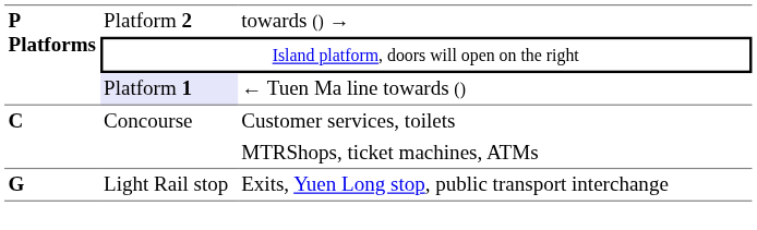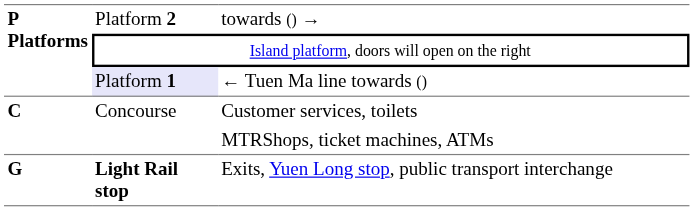 <table border=0 cellspacing=0 cellpadding=3>
 <tr>
 <td style="border-top:solid 1px gray; border-bottom:solid 1px gray;" rowspan=3 width=50 valign=top><strong>P<br>Platforms</strong></td>
 <td style="border-top:solid 1px gray;width:100px;">Platform <span><strong>2</strong></span></td>
 <td style="border-top:solid 1px gray;width:390px;">  towards  <small>()</small> →</td>
 </tr>
 <tr>
 <td style="border-top:solid 2px black;border-right:solid 2px black;border-left:solid 2px black;border-bottom:solid 2px black;text-align:center;" colspan=2><small><a href='#'>Island platform</a>, doors will open on the right</small></td>
 </tr>
 <tr>
 <td style="background: lavender; border-bottom:solid 1px gray;">Platform <span><strong>1</strong></span></td>
 <td style="border-bottom:solid 1px gray;">←  Tuen Ma line towards  <small>()</small></td>
 </tr>
 <tr>
 <td style="border-bottom:solid 1px gray;vertical-align:top;" rowspan=2><strong>C</strong></td>
 <td style="border-bottom:solid 1px gray;vertical-align:top;" rowspan=2>Concourse</td>
 <td>Customer services, toilets</td>
 </tr>
 <tr>
 <td style="border-bottom:solid 1px gray;">MTRShops, ticket machines, ATMs</td>
 </tr>
 <tr>
 <td style="border-bottom:solid 1px gray;vertical-align:top;" rowspan=6><strong>G</strong></td>
-<td style="border-bottom:solid 1px gray;vertical-align:top;">Light Rail stop</td>
+<td style="border-bottom:solid 1px gray;vertical-align:top;"><strong>Light Rail stop</strong></td>
 <td style="border-bottom:solid 1px gray;vertical-align:top;">Exits,  <a href='#'>Yuen Long stop</a>, public transport interchange</td>
 </tr>
 </table>
